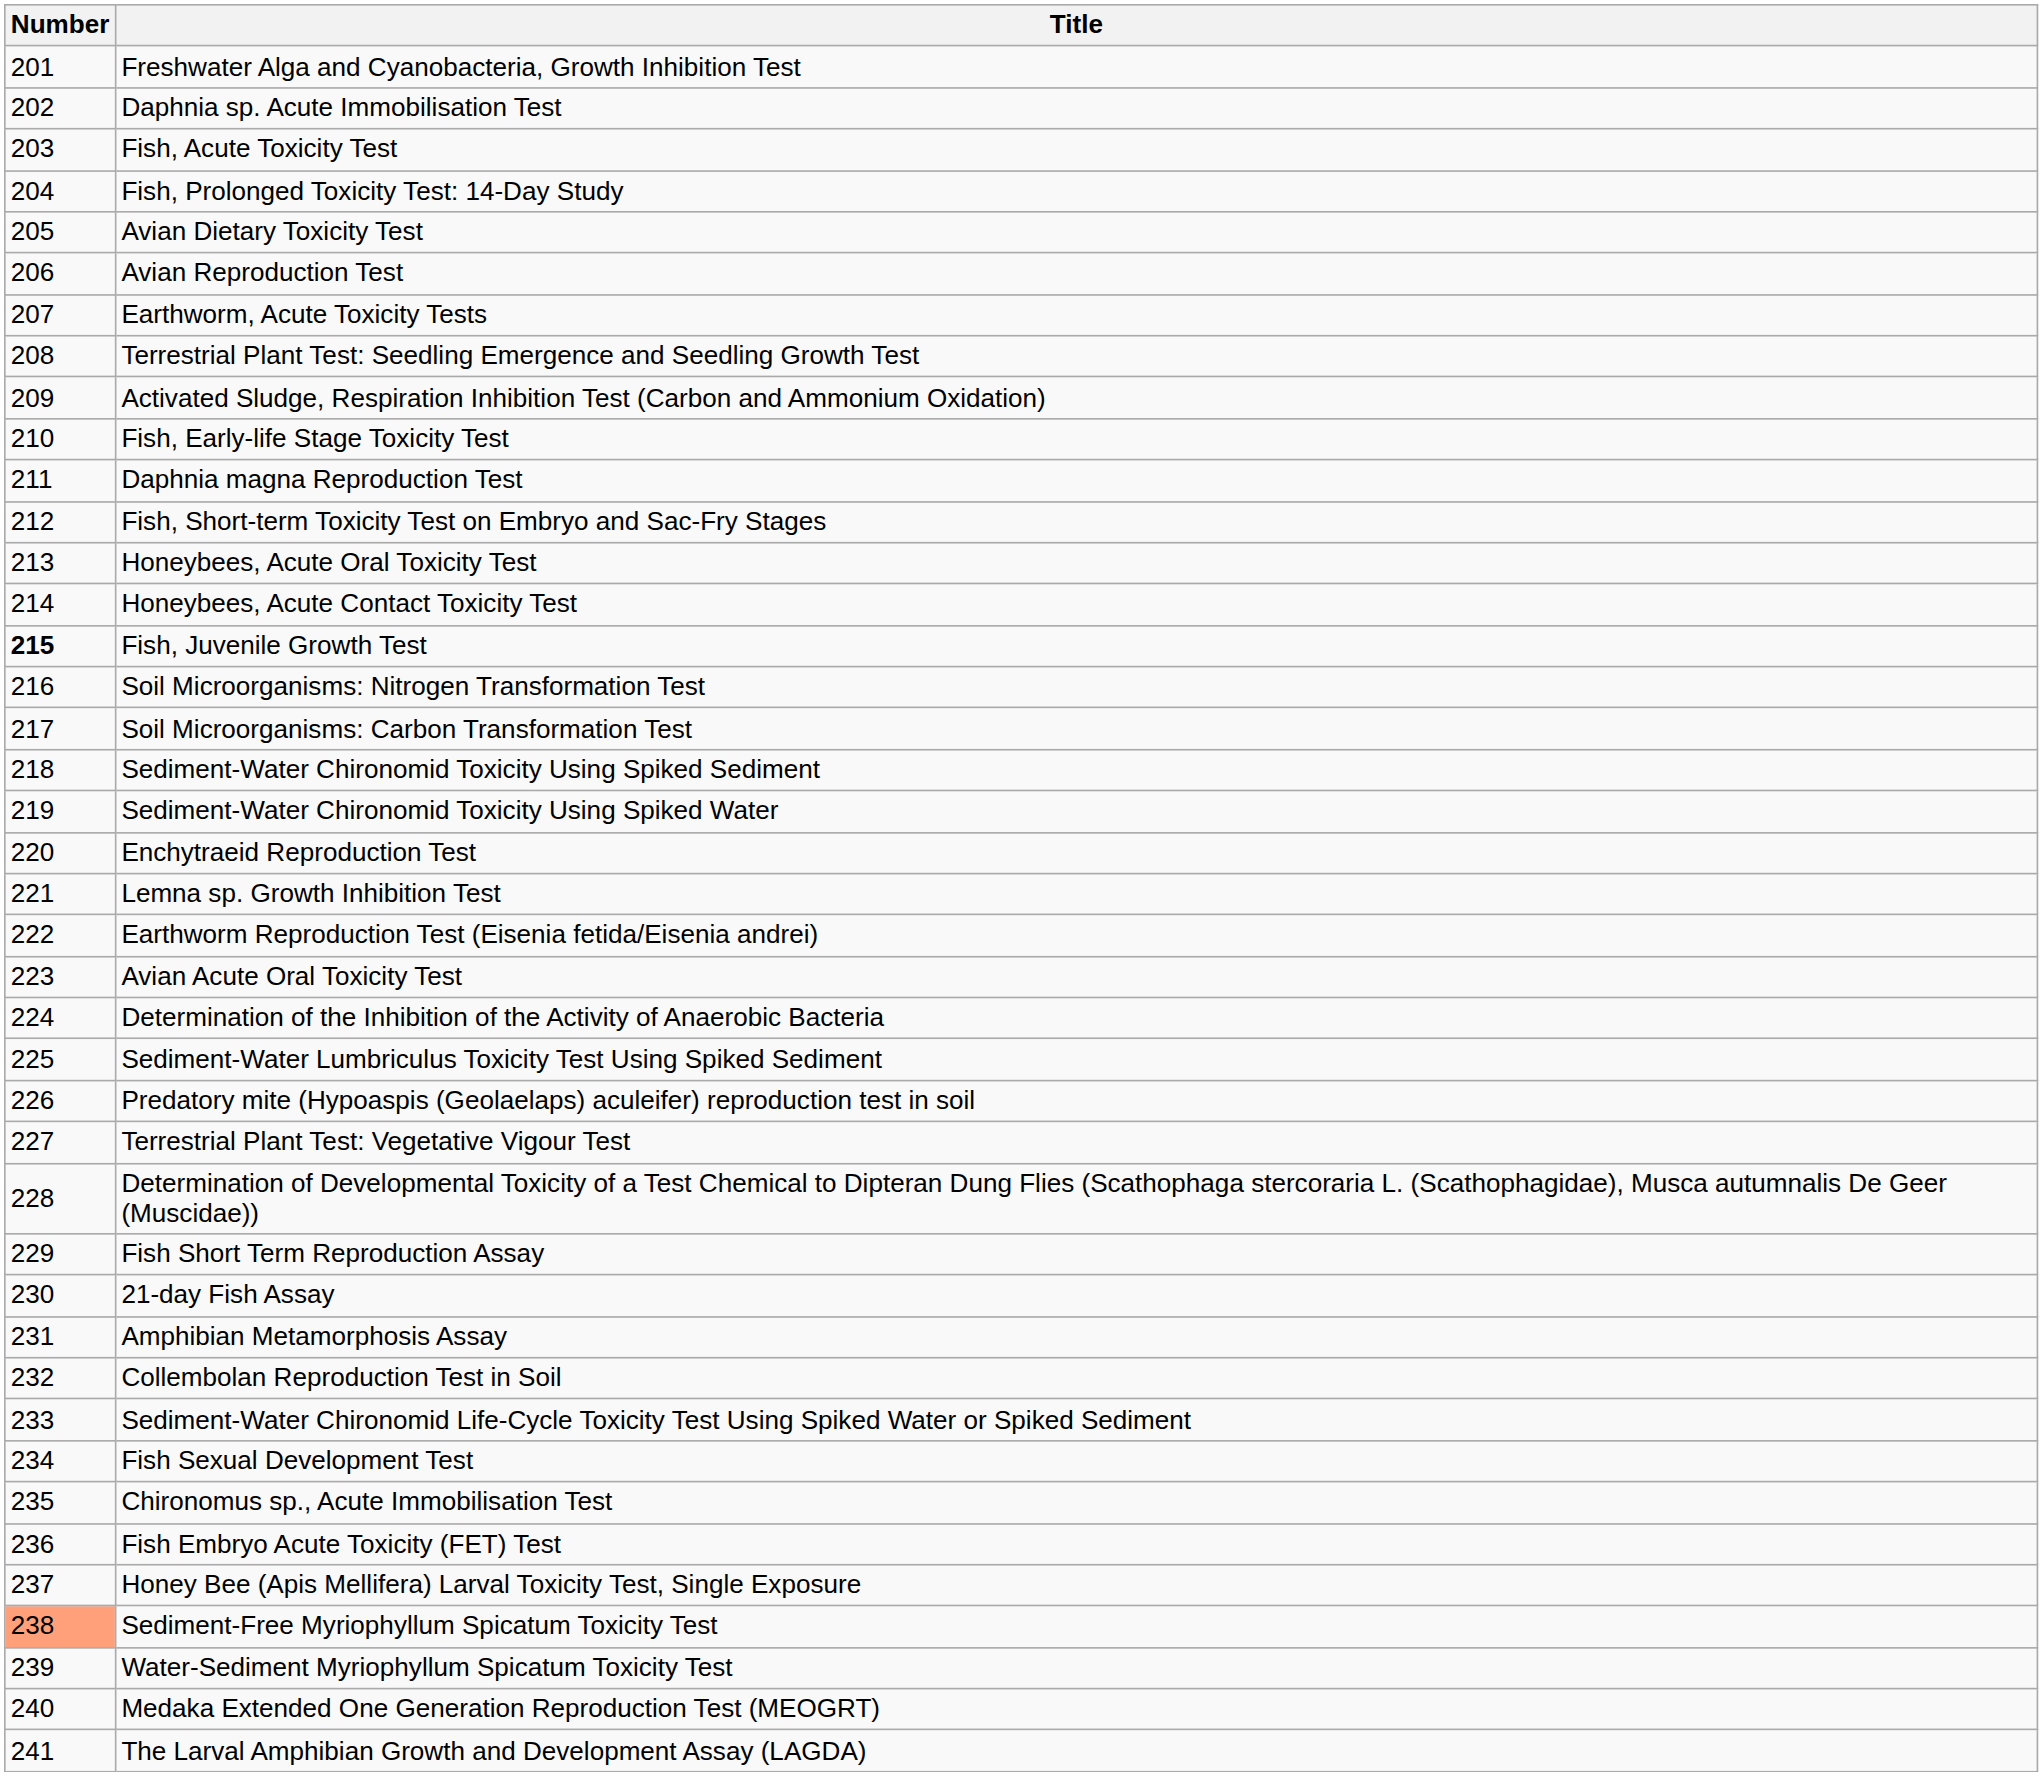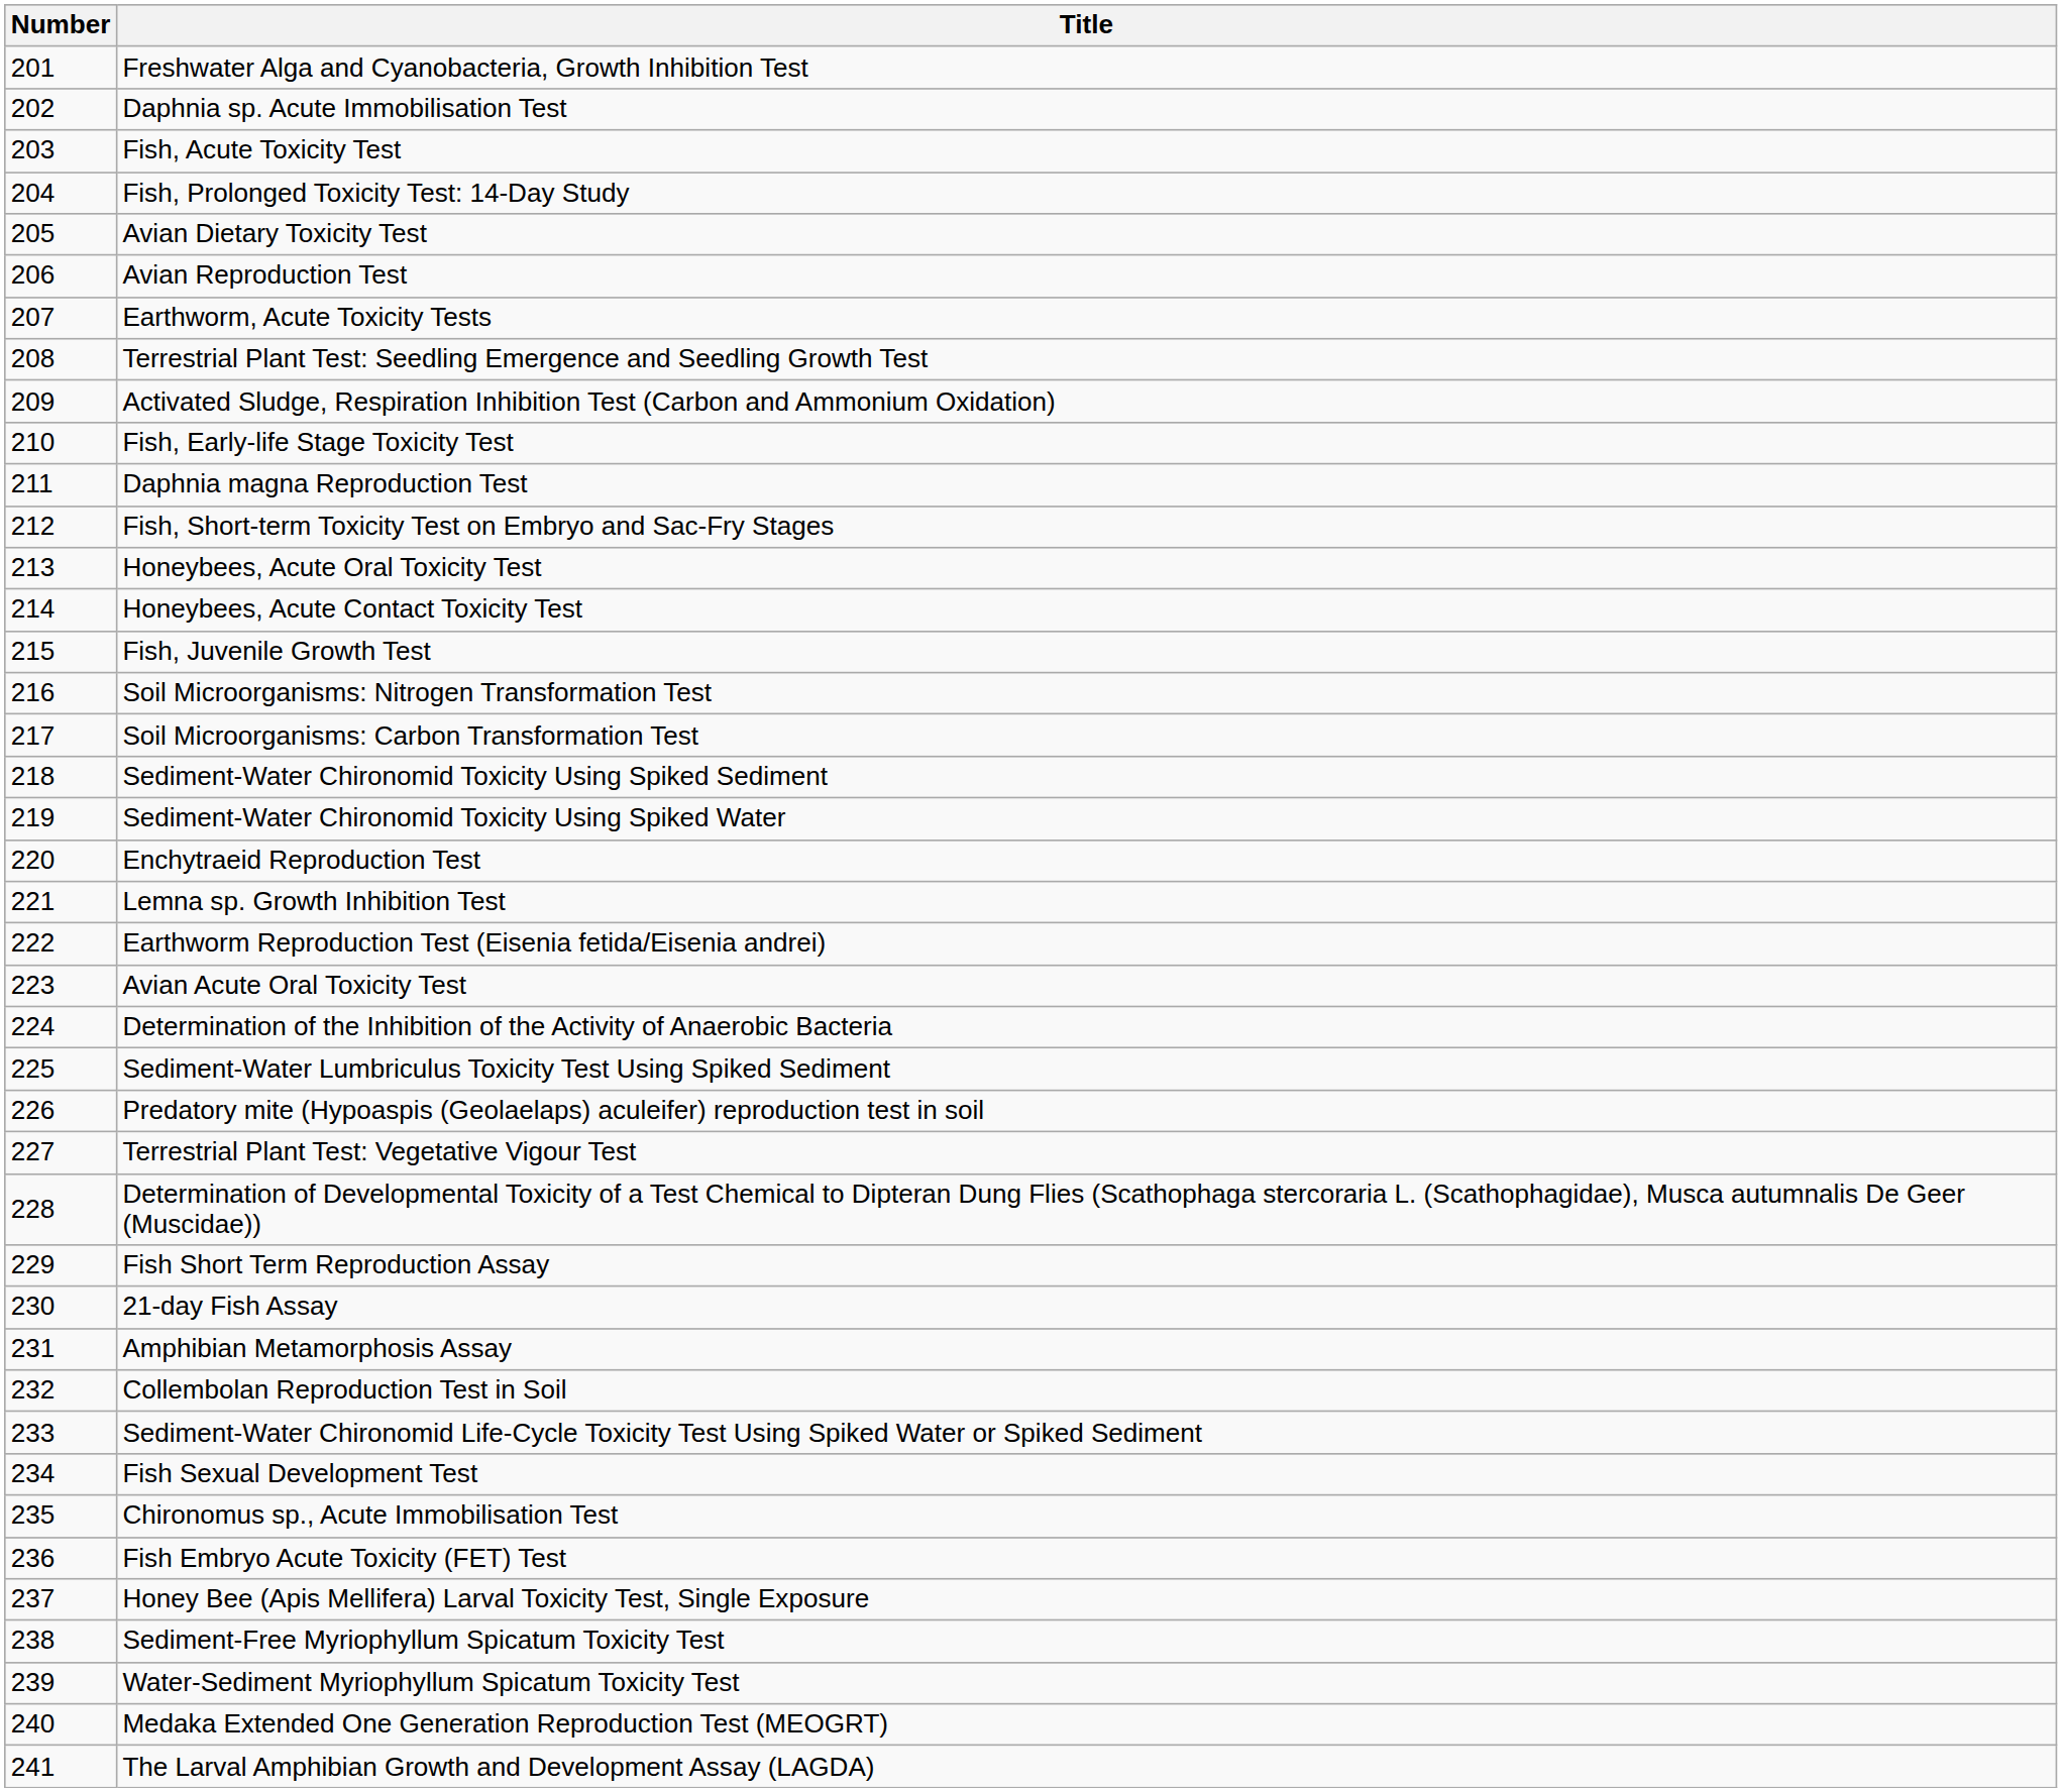 <table class="wikitable">
 <tr>
 <th>Number</th>
 <th>Title</th>
 </tr>
 <tr>
 <td>201</td>
 <td>Freshwater Alga and Cyanobacteria, Growth Inhibition Test</td>
 </tr>
 <tr>
 <td>202</td>
 <td>Daphnia sp. Acute Immobilisation Test</td>
 </tr>
 <tr>
 <td>203</td>
 <td>Fish, Acute Toxicity Test</td>
 </tr>
 <tr>
 <td>204</td>
 <td>Fish, Prolonged Toxicity Test: 14-Day Study</td>
 </tr>
 <tr>
 <td>205</td>
 <td>Avian Dietary Toxicity Test</td>
 </tr>
 <tr>
 <td>206</td>
 <td>Avian Reproduction Test</td>
 </tr>
 <tr>
 <td>207</td>
 <td>Earthworm, Acute Toxicity Tests</td>
 </tr>
 <tr>
 <td>208</td>
 <td>Terrestrial Plant Test: Seedling Emergence and Seedling Growth Test</td>
 </tr>
 <tr>
 <td>209</td>
 <td>Activated Sludge, Respiration Inhibition Test (Carbon and Ammonium Oxidation)</td>
 </tr>
 <tr>
 <td>210</td>
 <td>Fish, Early-life Stage Toxicity Test</td>
 </tr>
 <tr>
 <td>211</td>
 <td>Daphnia magna Reproduction Test</td>
 </tr>
 <tr>
 <td>212</td>
 <td>Fish, Short-term Toxicity Test on Embryo and Sac-Fry Stages</td>
 </tr>
 <tr>
 <td>213</td>
 <td>Honeybees, Acute Oral Toxicity Test</td>
 </tr>
 <tr>
 <td>214</td>
 <td>Honeybees, Acute Contact Toxicity Test</td>
 </tr>
 <tr>
-<td><strong>215</strong></td>
+<td>215</td>
 <td>Fish, Juvenile Growth Test</td>
 </tr>
 <tr>
 <td>216</td>
 <td>Soil Microorganisms: Nitrogen Transformation Test</td>
 </tr>
 <tr>
 <td>217</td>
 <td>Soil Microorganisms: Carbon Transformation Test</td>
 </tr>
 <tr>
 <td>218</td>
 <td>Sediment-Water Chironomid Toxicity Using Spiked Sediment</td>
 </tr>
 <tr>
 <td>219</td>
 <td>Sediment-Water Chironomid Toxicity Using Spiked Water</td>
 </tr>
 <tr>
 <td>220</td>
 <td>Enchytraeid Reproduction Test</td>
 </tr>
 <tr>
 <td>221</td>
 <td>Lemna sp. Growth Inhibition Test</td>
 </tr>
 <tr>
 <td>222</td>
 <td>Earthworm Reproduction Test (Eisenia fetida/Eisenia andrei)</td>
 </tr>
 <tr>
 <td>223</td>
 <td>Avian Acute Oral Toxicity Test</td>
 </tr>
 <tr>
 <td>224</td>
 <td>Determination of the Inhibition of the Activity of Anaerobic Bacteria</td>
 </tr>
 <tr>
 <td>225</td>
 <td>Sediment-Water Lumbriculus Toxicity Test Using Spiked Sediment</td>
 </tr>
 <tr>
 <td>226</td>
 <td>Predatory mite (Hypoaspis (Geolaelaps) aculeifer) reproduction test in soil</td>
 </tr>
 <tr>
 <td>227</td>
 <td>Terrestrial Plant Test: Vegetative Vigour Test</td>
 </tr>
 <tr>
 <td>228</td>
 <td>Determination of Developmental Toxicity of a Test Chemical to Dipteran Dung Flies (Scathophaga stercoraria L. (Scathophagidae), Musca autumnalis De Geer (Muscidae))</td>
 </tr>
 <tr>
 <td>229</td>
 <td>Fish Short Term Reproduction Assay</td>
 </tr>
 <tr>
 <td>230</td>
 <td>21-day Fish Assay</td>
 </tr>
 <tr>
 <td>231</td>
 <td>Amphibian Metamorphosis Assay</td>
 </tr>
 <tr>
 <td>232</td>
 <td>Collembolan Reproduction Test in Soil</td>
 </tr>
 <tr>
 <td>233</td>
 <td>Sediment-Water Chironomid Life-Cycle Toxicity Test Using Spiked Water or Spiked Sediment</td>
 </tr>
 <tr>
 <td>234</td>
 <td>Fish Sexual Development Test</td>
 </tr>
 <tr>
 <td>235</td>
 <td>Chironomus sp., Acute Immobilisation Test</td>
 </tr>
 <tr>
 <td>236</td>
 <td>Fish Embryo Acute Toxicity (FET) Test</td>
 </tr>
 <tr>
 <td>237</td>
 <td>Honey Bee (Apis Mellifera) Larval Toxicity Test, Single Exposure</td>
 </tr>
 <tr>
-<td style="background: lightsalmon;">238</td>
+<td>238</td>
 <td>Sediment-Free Myriophyllum Spicatum Toxicity Test</td>
 </tr>
 <tr>
 <td>239</td>
 <td>Water-Sediment Myriophyllum Spicatum Toxicity Test</td>
 </tr>
 <tr>
 <td>240</td>
 <td>Medaka Extended One Generation Reproduction Test (MEOGRT)</td>
 </tr>
 <tr>
 <td>241</td>
 <td>The Larval Amphibian Growth and Development Assay (LAGDA)</td>
 </tr>
 </table>
